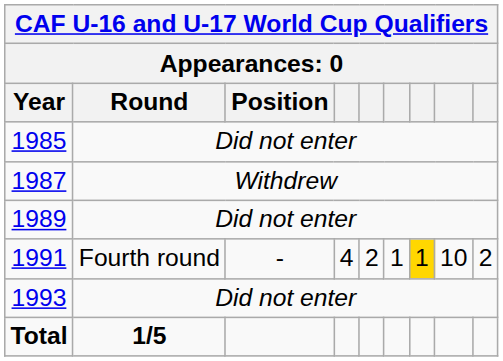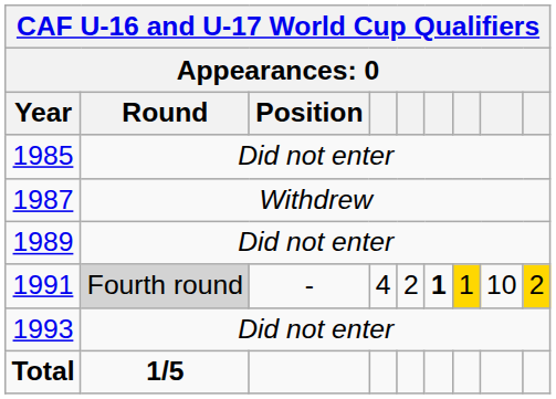 <table class="wikitable" style="text-align: center;">
 <tr>
 <th colspan=9><a href='#'>CAF U-16 and U-17 World Cup Qualifiers</a></th>
 </tr>
 <tr>
 <th colspan=9>Appearances: 0</th>
 </tr>
 <tr>
 <th>Year</th>
 <th>Round</th>
 <th>Position</th>
 <th></th>
 <th></th>
 <th></th>
 <th></th>
 <th></th>
 <th></th>
 </tr>
 <tr>
 <td><a href='#'>1985</a></td>
 <td colspan=8 rowspan=1><em>Did not enter</em></td>
 </tr>
 <tr>
 <td><a href='#'>1987</a></td>
 <td colspan=8 rowspan=1><em>Withdrew</em></td>
 </tr>
 <tr>
 <td><a href='#'>1989</a></td>
 <td colspan=8 rowspan=1><em>Did not enter</em></td>
 </tr>
 <tr>
 <td><a href='#'>1991</a></td>
-<td>Fourth round</td>
+<td style="background: lightgrey;">Fourth round</td>
 <td>-</td>
 <td>4</td>
 <td>2</td>
-<td>1</td>
+<td><strong>1</strong></td>
 <td style="background: gold;">1</td>
 <td>10</td>
-<td>2</td>
+<td style="background: gold;">2</td>
 </tr>
 <tr>
 <td><a href='#'>1993</a></td>
 <td colspan=8 rowspan=1><em>Did not enter</em></td>
 </tr>
 <tr>
 <td><strong>Total</strong></td>
 <td><strong>1/5</strong></td>
 <td><strong></strong></td>
 <td><strong></strong></td>
 <td><strong></strong></td>
 <td><strong></strong></td>
 <td><strong></strong></td>
 <td><strong></strong></td>
 <td><strong></strong></td>
 </tr>
 </table>
